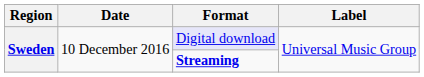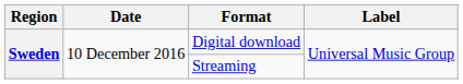 <table class="wikitable sortable plainrowheaders">
 <tr>
 <th scope="col">Region</th>
 <th scope="col">Date</th>
 <th scope="col">Format</th>
 <th scope="col">Label</th>
 </tr>
 <tr>
 <th scope="row" rowspan="2"><a href='#'>Sweden</a></th>
 <td rowspan="2">10 December 2016</td>
-<td style="background: lavender;"><a href='#'>Digital download</a></td>
+<td><a href='#'>Digital download</a></td>
 <td rowspan="2"><a href='#'>Universal Music Group</a></td>
 </tr>
 <tr>
-<td><strong><a href='#'>Streaming</a></strong></td>
+<td><a href='#'>Streaming</a></td>
 </tr>
 </table>
